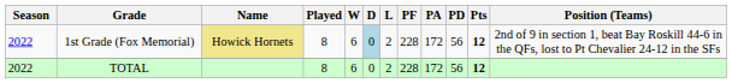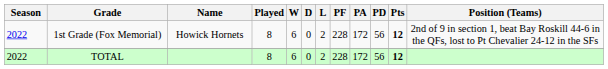 <table class="wikitable" style="text-align:center;">
 <tr>
 <th width=60>Season</th>
 <th width=180 abbr="Grade">Grade</th>
 <th width=125 abbr="Name">Name</th>
 <th width=15 abbr="Played">Played</th>
 <th width=15 abbr="Won">W</th>
 <th width=15 abbr="Drawn">D</th>
 <th width=15 abbr="Lost">L</th>
 <th width=20 abbr="Points for">PF</th>
 <th width=20 abbr="Points against">PA</th>
 <th width=20 abbr="Points difference">PD</th>
 <th width=20 abbr="Points">Pts</th>
 <th width=300>Position (Teams)</th>
 </tr>
 <tr>
 <td style="text-align:left;"><a href='#'>2022</a></td>
 <td>1st Grade (Fox Memorial)</td>
-<td style="background: khaki;">Howick Hornets</td>
+<td>Howick Hornets</td>
 <td>8</td>
 <td>6</td>
-<td style="background: lightblue;">0</td>
+<td>0</td>
 <td>2</td>
 <td>228</td>
 <td>172</td>
 <td>56</td>
 <td><strong>12</strong></td>
 <td>2nd of 9 in section 1, beat Bay Roskill 44-6 in the QFs, lost to Pt Chevalier 24-12 in the SFs</td>
 </tr>
 <tr>
 </tr>
 <tr style="background: #ccffcc;">
 <td style="text-align:left;">2022</td>
 <td>TOTAL</td>
 <td></td>
 <td>8</td>
 <td>6</td>
 <td>0</td>
 <td>2</td>
 <td>228</td>
 <td>172</td>
 <td>56</td>
 <td><strong>12</strong></td>
 <td></td>
 </tr>
 </table>
